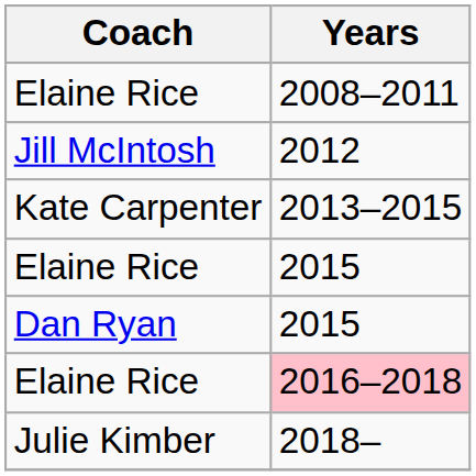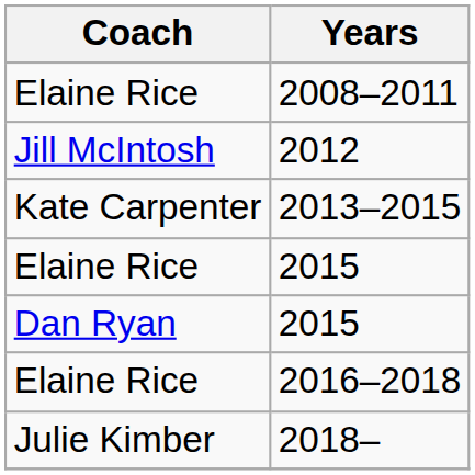 <table class="wikitable collapsible">
 <tr>
 <th>Coach</th>
 <th>Years</th>
 </tr>
 <tr>
 <td> Elaine Rice</td>
 <td>2008–2011</td>
 </tr>
 <tr>
 <td> <a href='#'>Jill McIntosh</a></td>
 <td>2012</td>
 </tr>
 <tr>
 <td> Kate Carpenter</td>
 <td>2013–2015</td>
 </tr>
 <tr>
 <td> Elaine Rice</td>
 <td>2015</td>
 </tr>
 <tr>
 <td> <a href='#'>Dan Ryan</a></td>
 <td>2015</td>
 </tr>
 <tr>
 <td> Elaine Rice</td>
-<td style="background: pink;">2016–2018</td>
+<td>2016–2018</td>
 </tr>
 <tr>
 <td> Julie Kimber</td>
 <td>2018–</td>
 </tr>
 <tr>
 </tr>
 </table>
